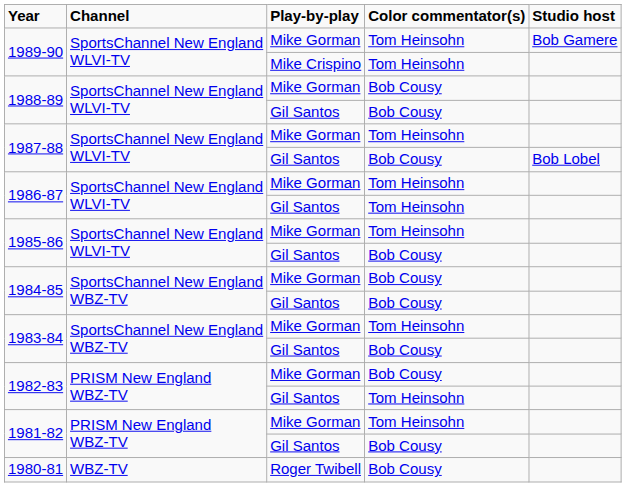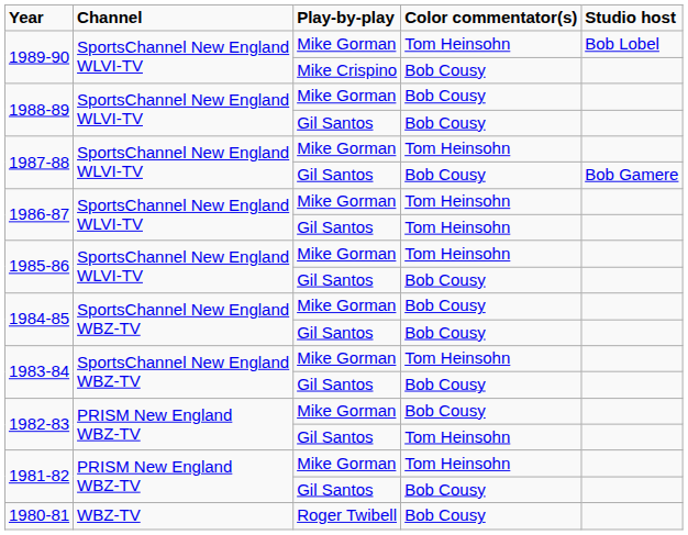 <table class="wikitable">
 <tr>
 <td><strong>Year</strong></td>
 <td><strong>Channel</strong></td>
 <td><strong>Play-by-play</strong></td>
 <td><strong>Color commentator(s)</strong></td>
 <td><strong>Studio host</strong></td>
 </tr>
 <tr>
 <td rowspan=2><a href='#'>1989-90</a></td>
 <td rowspan=2><a href='#'>SportsChannel New England</a><br><a href='#'>WLVI-TV</a></td>
 <td><a href='#'>Mike Gorman</a></td>
 <td><a href='#'>Tom Heinsohn</a></td>
-<td><a href='#'>Bob Gamere</a></td>
+<td><a href='#'>Bob Lobel</a></td>
 </tr>
 <tr>
 <td><a href='#'>Mike Crispino</a></td>
-<td><a href='#'>Tom Heinsohn</a></td>
+<td><a href='#'>Bob Cousy</a></td>
 <td></td>
 </tr>
 <tr>
 <td rowspan=2><a href='#'>1988-89</a></td>
 <td rowspan=2><a href='#'>SportsChannel New England</a><br><a href='#'>WLVI-TV</a></td>
 <td><a href='#'>Mike Gorman</a></td>
 <td><a href='#'>Bob Cousy</a></td>
 <td></td>
 </tr>
 <tr>
 <td><a href='#'>Gil Santos</a></td>
 <td><a href='#'>Bob Cousy</a></td>
 <td></td>
 </tr>
 <tr>
 <td rowspan=2><a href='#'>1987-88</a></td>
 <td rowspan=2><a href='#'>SportsChannel New England</a><br><a href='#'>WLVI-TV</a></td>
 <td><a href='#'>Mike Gorman</a></td>
 <td><a href='#'>Tom Heinsohn</a></td>
 <td></td>
 </tr>
 <tr>
 <td><a href='#'>Gil Santos</a></td>
 <td><a href='#'>Bob Cousy</a></td>
-<td><a href='#'>Bob Lobel</a></td>
+<td><a href='#'>Bob Gamere</a></td>
 </tr>
 <tr>
 <td rowspan=2><a href='#'>1986-87</a></td>
 <td rowspan=2><a href='#'>SportsChannel New England</a><br><a href='#'>WLVI-TV</a></td>
 <td><a href='#'>Mike Gorman</a></td>
 <td><a href='#'>Tom Heinsohn</a></td>
 <td></td>
 </tr>
 <tr>
 <td><a href='#'>Gil Santos</a></td>
 <td><a href='#'>Tom Heinsohn</a></td>
 <td></td>
 </tr>
 <tr>
 <td rowspan=2><a href='#'>1985-86</a></td>
 <td rowspan=2><a href='#'>SportsChannel New England</a><br><a href='#'>WLVI-TV</a></td>
 <td><a href='#'>Mike Gorman</a></td>
 <td><a href='#'>Tom Heinsohn</a></td>
 <td></td>
 </tr>
 <tr>
 <td><a href='#'>Gil Santos</a></td>
 <td><a href='#'>Bob Cousy</a></td>
 <td></td>
 </tr>
 <tr>
 <td rowspan=2><a href='#'>1984-85</a></td>
 <td rowspan=2><a href='#'>SportsChannel New England</a><br><a href='#'>WBZ-TV</a></td>
 <td><a href='#'>Mike Gorman</a></td>
 <td><a href='#'>Bob Cousy</a></td>
 <td></td>
 </tr>
 <tr>
 <td><a href='#'>Gil Santos</a></td>
 <td><a href='#'>Bob Cousy</a></td>
 <td></td>
 </tr>
 <tr>
 <td rowspan=2><a href='#'>1983-84</a></td>
 <td rowspan=2><a href='#'>SportsChannel New England</a><br><a href='#'>WBZ-TV</a></td>
 <td><a href='#'>Mike Gorman</a></td>
 <td><a href='#'>Tom Heinsohn</a></td>
 <td></td>
 </tr>
 <tr>
 <td><a href='#'>Gil Santos</a></td>
 <td><a href='#'>Bob Cousy</a></td>
 <td></td>
 </tr>
 <tr>
 <td rowspan=2><a href='#'>1982-83</a></td>
 <td rowspan=2><a href='#'>PRISM New England</a><br><a href='#'>WBZ-TV</a></td>
 <td><a href='#'>Mike Gorman</a></td>
 <td><a href='#'>Bob Cousy</a></td>
 <td></td>
 </tr>
 <tr>
 <td><a href='#'>Gil Santos</a></td>
 <td><a href='#'>Tom Heinsohn</a></td>
 <td></td>
 </tr>
 <tr>
 <td rowspan=2><a href='#'>1981-82</a></td>
 <td rowspan=2><a href='#'>PRISM New England</a><br><a href='#'>WBZ-TV</a></td>
 <td><a href='#'>Mike Gorman</a></td>
 <td><a href='#'>Tom Heinsohn</a></td>
 <td></td>
 </tr>
 <tr>
 <td><a href='#'>Gil Santos</a></td>
 <td><a href='#'>Bob Cousy</a></td>
 <td></td>
 </tr>
 <tr>
 <td><a href='#'>1980-81</a></td>
 <td><a href='#'>WBZ-TV</a></td>
 <td><a href='#'>Roger Twibell</a></td>
 <td><a href='#'>Bob Cousy</a></td>
 <td></td>
 </tr>
 </table>
